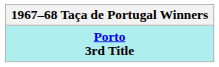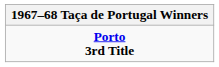 <table class="wikitable" style="text-align: center; margin: 0 auto; width: 20%">
 <tr>
 <th>1967–68 Taça de Portugal Winners</th>
 </tr>
 <tr>
-<td style="background: paleturquoise;"><strong><a href='#'>Porto</a></strong><br><strong>3rd Title</strong></td>
+<td><strong><a href='#'>Porto</a></strong><br><strong>3rd Title</strong></td>
 </tr>
 </table>
